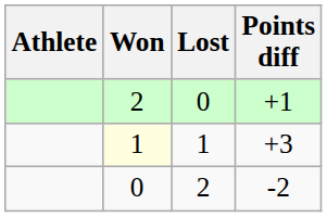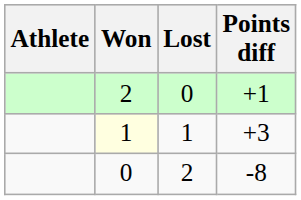 <table class="wikitable">
 <tr>
 <th>Athlete</th>
 <th>Won</th>
 <th>Lost</th>
 <th>Points<br>diff</th>
 </tr>
 <tr bgcolor="#ccffcc">
 <td></td>
 <td align="center">2</td>
 <td align="center">0</td>
 <td align="center">+1</td>
 </tr>
 <tr>
 <td></td>
 <td align="center" style="background: lightyellow;">1</td>
 <td align="center">1</td>
 <td align="center">+3</td>
 </tr>
 <tr>
 <td></td>
 <td align="center">0</td>
 <td align="center">2</td>
-<td align="center">-2</td>
+<td align="center">-8</td>
 </tr>
 </table>
